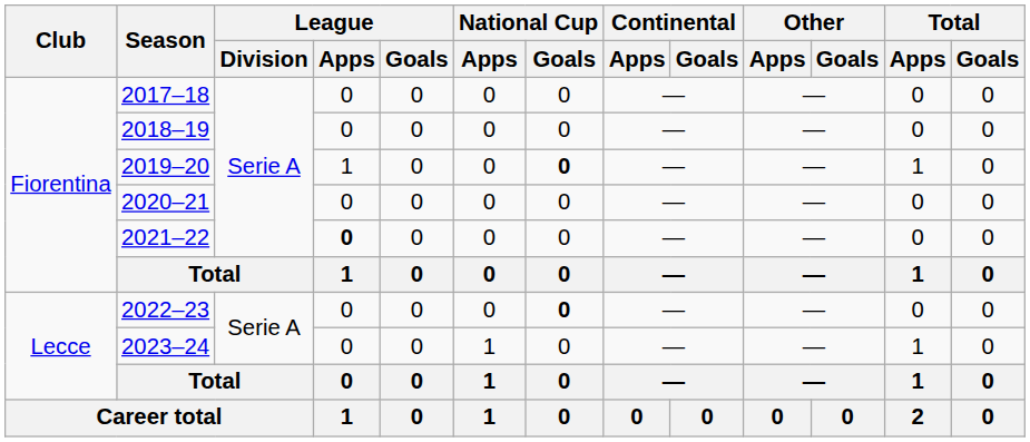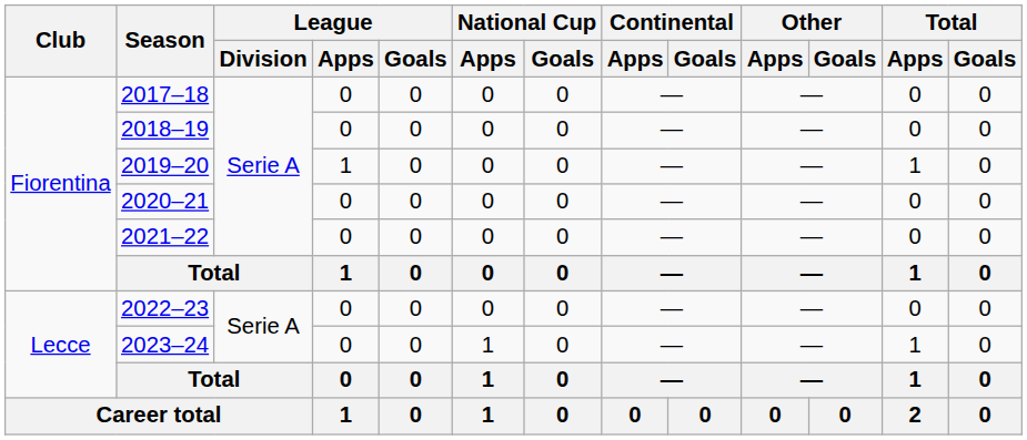 <table class="wikitable" style="text-align:center">
 <tr>
 <th rowspan="2">Club</th>
 <th rowspan="2">Season</th>
 <th colspan="3">League</th>
 <th colspan="2">National Cup</th>
 <th colspan="2">Continental</th>
 <th colspan="2">Other</th>
 <th colspan="2">Total</th>
 </tr>
 <tr>
 <th>Division</th>
 <th>Apps</th>
 <th>Goals</th>
 <th>Apps</th>
 <th>Goals</th>
 <th>Apps</th>
 <th>Goals</th>
 <th>Apps</th>
 <th>Goals</th>
 <th>Apps</th>
 <th>Goals</th>
 </tr>
 <tr>
 <td rowspan="6"><a href='#'>Fiorentina</a></td>
 <td><a href='#'>2017–18</a></td>
 <td rowspan="5"><a href='#'>Serie A</a></td>
 <td>0</td>
 <td>0</td>
 <td>0</td>
 <td>0</td>
 <td colspan="2">—</td>
 <td colspan="2">—</td>
 <td>0</td>
 <td>0</td>
 </tr>
 <tr>
 <td><a href='#'>2018–19</a></td>
 <td>0</td>
 <td>0</td>
 <td>0</td>
 <td>0</td>
 <td colspan="2">—</td>
 <td colspan="2">—</td>
 <td>0</td>
 <td>0</td>
 </tr>
 <tr>
 <td><a href='#'>2019–20</a></td>
 <td>1</td>
 <td>0</td>
 <td>0</td>
-<td><strong>0</strong></td>
+<td>0</td>
 <td colspan="2">—</td>
 <td colspan="2">—</td>
 <td>1</td>
 <td>0</td>
 </tr>
 <tr>
 <td><a href='#'>2020–21</a></td>
 <td>0</td>
 <td>0</td>
 <td>0</td>
 <td>0</td>
 <td colspan="2">—</td>
 <td colspan="2">—</td>
 <td>0</td>
 <td>0</td>
 </tr>
 <tr>
 <td><a href='#'>2021–22</a></td>
-<td><strong>0</strong></td>
+<td>0</td>
 <td>0</td>
 <td>0</td>
 <td>0</td>
 <td colspan="2">—</td>
 <td colspan="2">—</td>
 <td>0</td>
 <td>0</td>
 </tr>
 <tr>
 <th colspan="2">Total</th>
 <th>1</th>
 <th>0</th>
 <th>0</th>
 <th>0</th>
 <th colspan="2">—</th>
 <th colspan="2">—</th>
 <th>1</th>
 <th>0</th>
 </tr>
 <tr>
 <td rowspan="3"><a href='#'>Lecce</a></td>
 <td><a href='#'>2022–23</a></td>
 <td rowspan="2">Serie A</td>
 <td>0</td>
 <td>0</td>
 <td>0</td>
-<td><strong>0</strong></td>
+<td>0</td>
 <td colspan="2">—</td>
 <td colspan="2">—</td>
 <td>0</td>
 <td>0</td>
 </tr>
 <tr>
 <td><a href='#'>2023–24</a></td>
 <td>0</td>
 <td>0</td>
 <td>1</td>
 <td>0</td>
 <td colspan="2">—</td>
 <td colspan="2">—</td>
 <td>1</td>
 <td>0</td>
 </tr>
 <tr>
 <th colspan="2">Total</th>
 <th>0</th>
 <th>0</th>
 <th>1</th>
 <th>0</th>
 <th colspan="2">—</th>
 <th colspan="2">—</th>
 <th>1</th>
 <th>0</th>
 </tr>
 <tr>
 <th colspan="3"><strong>Career total</strong></th>
 <th>1</th>
 <th>0</th>
 <th>1</th>
 <th>0</th>
 <th>0</th>
 <th>0</th>
 <th>0</th>
 <th>0</th>
 <th>2</th>
 <th>0</th>
 </tr>
 </table>
